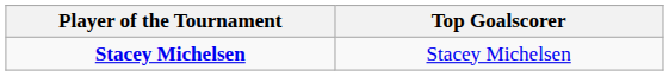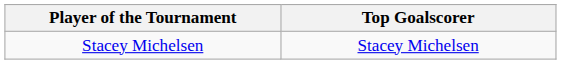 <table class=wikitable style="margin:auto; text-align:center">
 <tr>
 <th style="width: 250px;">Player of the Tournament</th>
 <th style="width: 250px;">Top Goalscorer</th>
 </tr>
 <tr>
-<td><strong> <a href='#'>Stacey Michelsen</a></strong></td>
+<td> <a href='#'>Stacey Michelsen</a></td>
 <td> <a href='#'>Stacey Michelsen</a></td>
 </tr>
 </table>
